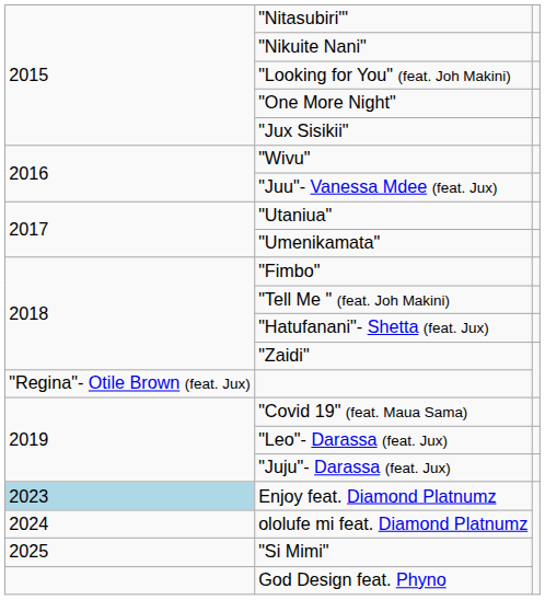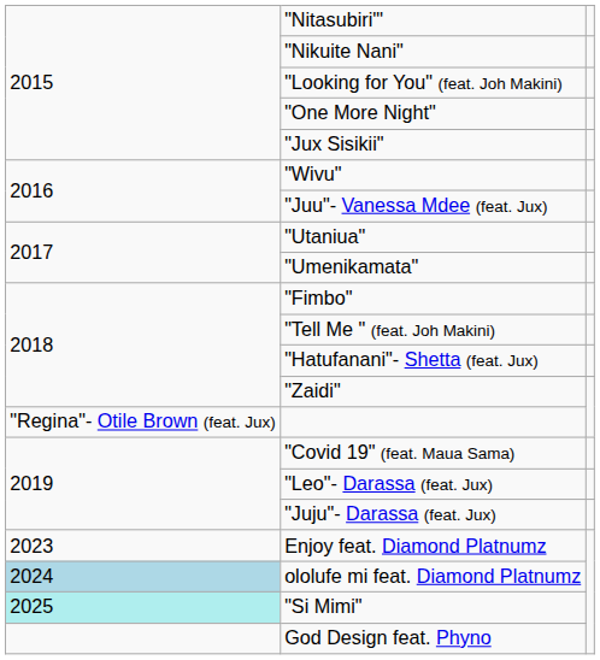 <table class="wikitable sortable">
 <tr>
 <td rowspan="5">2015</td>
 <td>"Nitasubiri'"</td>
 <td></td>
 </tr>
 <tr>
 <td>"Nikuite Nani"</td>
 <td></td>
 </tr>
 <tr>
 <td>"Looking for You" <small>(feat. Joh Makini)</small></td>
 <td></td>
 </tr>
 <tr>
 <td>"One More Night"</td>
 <td></td>
 </tr>
 <tr>
 <td>"Jux Sisikii"</td>
 <td></td>
 </tr>
 <tr>
 <td rowspan="2">2016</td>
 <td>"Wivu"</td>
 <td></td>
 </tr>
 <tr>
 <td>"Juu"- <a href='#'>Vanessa Mdee</a> <small>(feat. Jux)</small></td>
 <td></td>
 </tr>
 <tr>
 <td rowspan="2">2017</td>
 <td>"Utaniua"</td>
 <td></td>
 </tr>
 <tr>
 <td>"Umenikamata"</td>
 <td></td>
 </tr>
 <tr>
 <td rowspan="4">2018</td>
 <td>"Fimbo"</td>
 <td></td>
 </tr>
 <tr>
 <td>"Tell Me " <small>(feat. Joh Makini)</small></td>
 <td></td>
 </tr>
 <tr>
 <td>"Hatufanani"- <a href='#'>Shetta</a> <small>(feat. Jux)</small></td>
 <td></td>
 </tr>
 <tr>
 <td>"Zaidi"</td>
 </tr>
 <tr>
 <td>"Regina"- <a href='#'>Otile Brown</a> <small>(feat. Jux)</small></td>
 <td></td>
 </tr>
 <tr>
 <td rowspan="3">2019</td>
 <td>"Covid 19" <small>(feat. Maua Sama)</small></td>
 <td></td>
 </tr>
 <tr>
 <td>"Leo"- <a href='#'>Darassa</a> <small>(feat. Jux)</small></td>
 <td></td>
 </tr>
 <tr>
 <td>"Juju"- <a href='#'>Darassa</a> <small>(feat. Jux)</small></td>
 <td></td>
 </tr>
 <tr>
-<td rowspan="1" style="background: lightblue;">2023</td>
+<td rowspan="1">2023</td>
 <td>Enjoy feat. <a href='#'>Diamond Platnumz</a></td>
 </tr>
 <tr>
-<td>2024</td>
+<td style="background: lightblue;">2024</td>
 <td>ololufe mi feat. <a href='#'>Diamond Platnumz</a></td>
 </tr>
 <tr>
-<td>2025</td>
+<td style="background: paleturquoise;">2025</td>
 <td>"Si Mimi"</td>
 </tr>
 <tr>
 <td></td>
 <td>God Design feat. <a href='#'>Phyno</a></td>
 </tr>
 </table>
